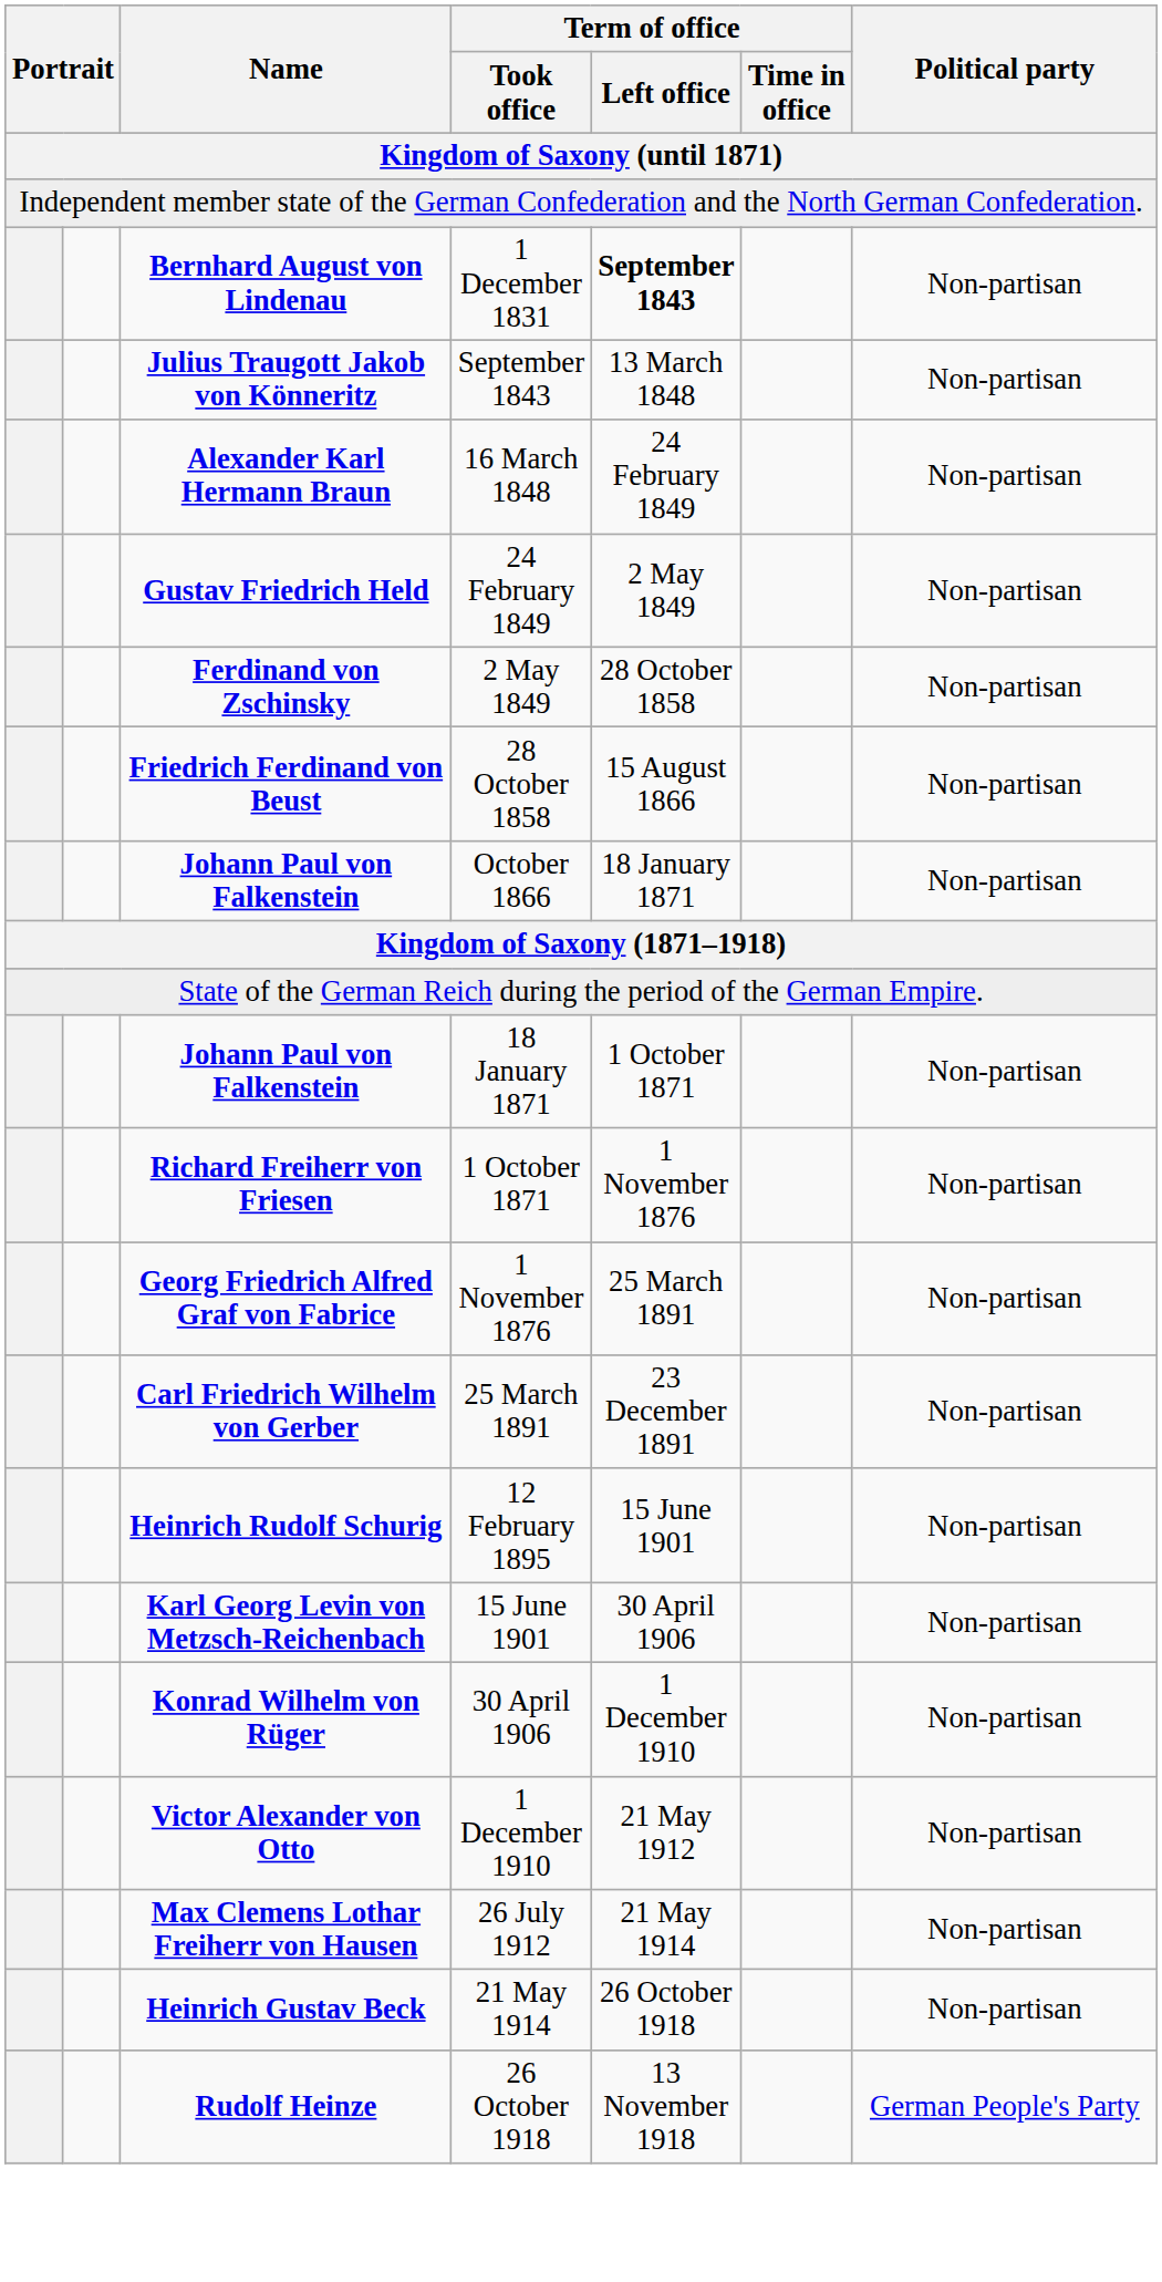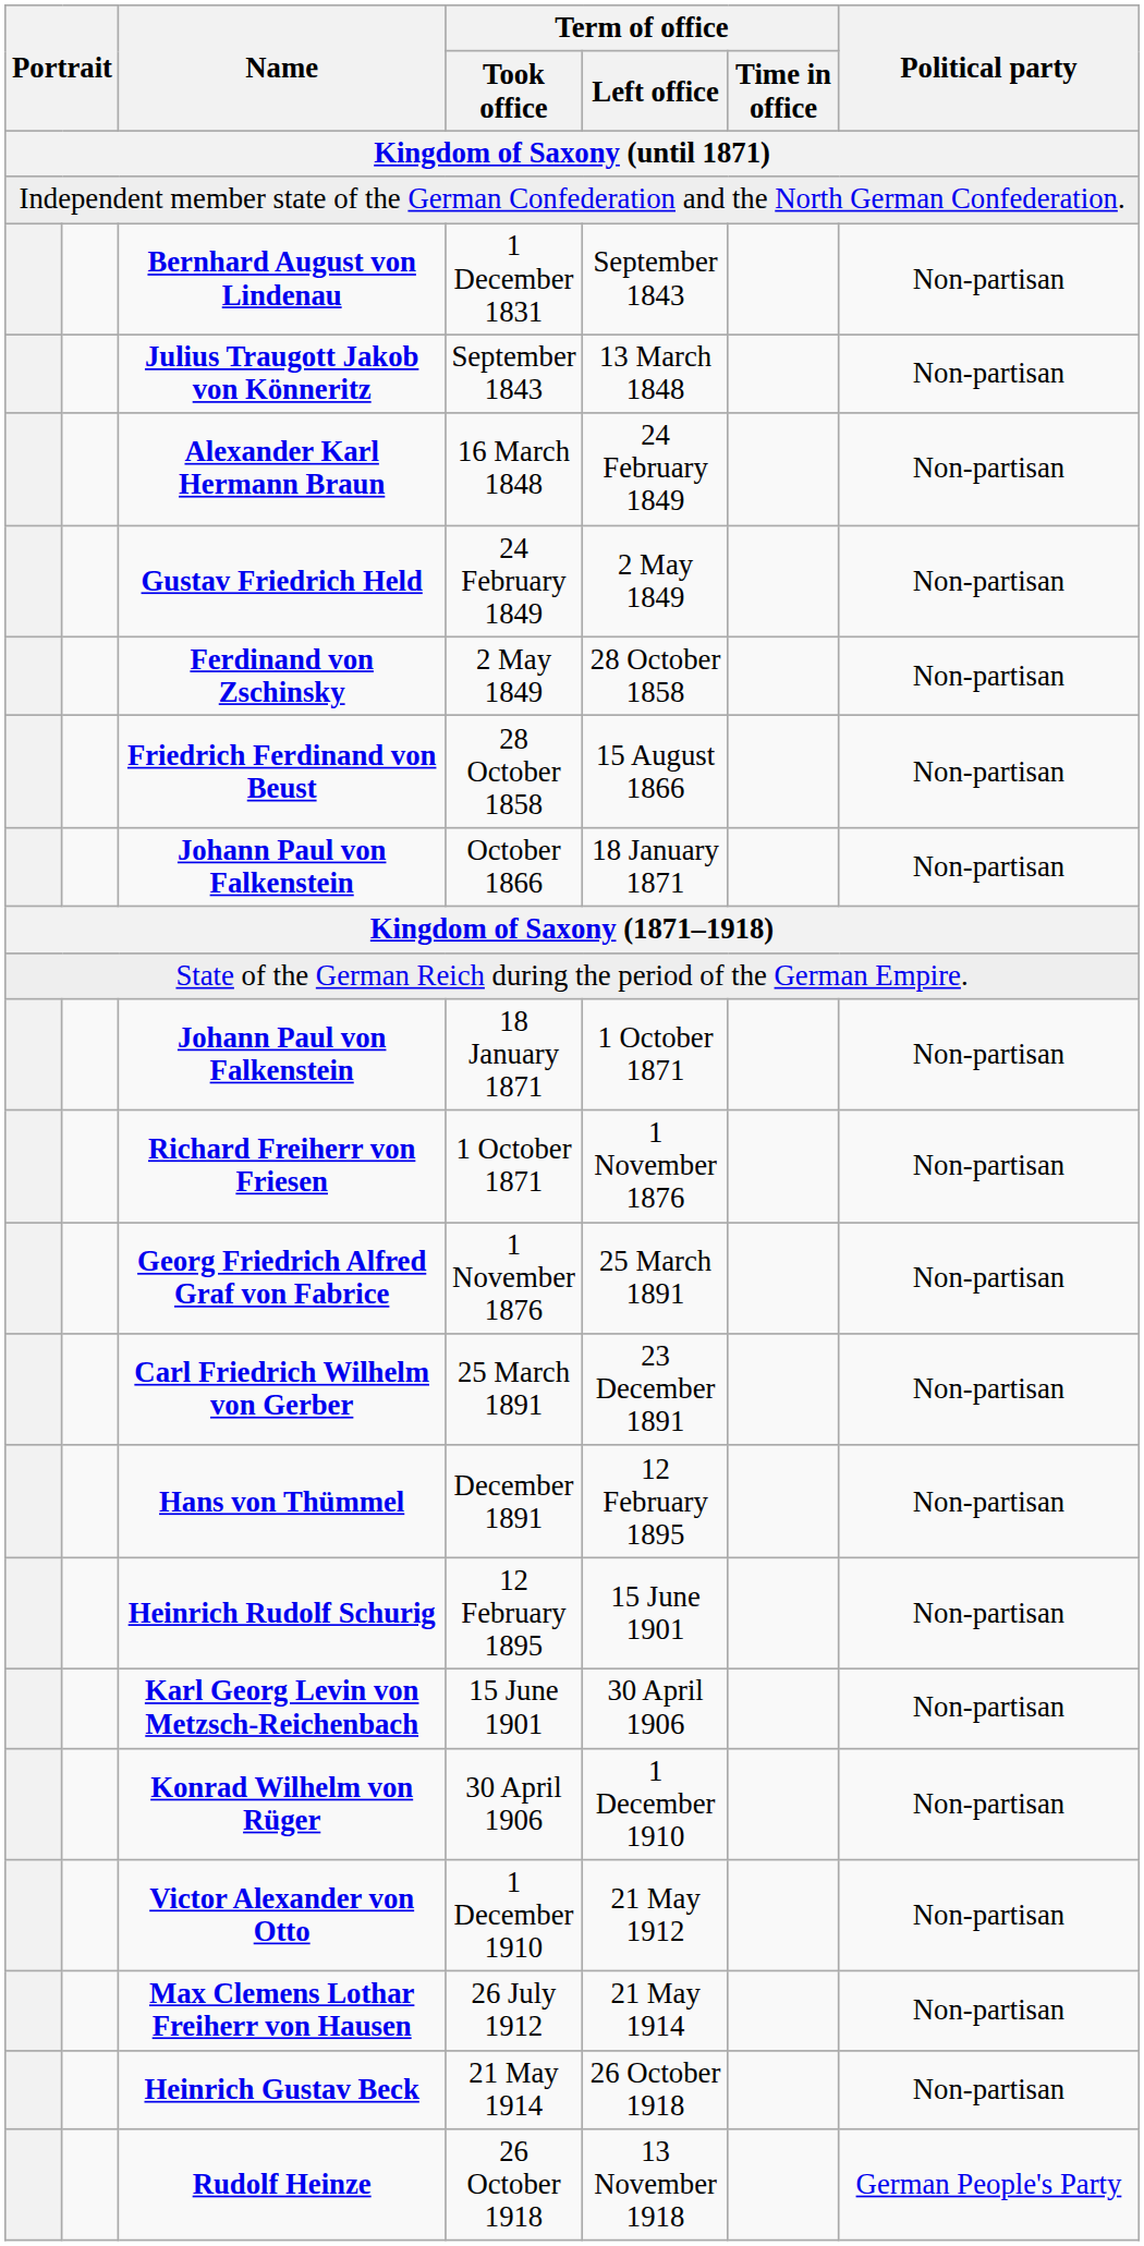 <table class="wikitable" style="text-align:center; width:100%; border:1px #AAAAFF solid">
 <tr>
 <th width=80px rowspan=2 colspan=2>Portrait</th>
 <th width=30% rowspan=2>Name<br></th>
 <th width=35% colspan=3>Term of office</th>
 <th width=28% rowspan=2>Political party</th>
 </tr>
 <tr>
 <th>Took office</th>
 <th>Left office</th>
 <th>Time in office</th>
 </tr>
 <tr>
 <th colspan="7"><a href='#'>Kingdom of Saxony</a> (until 1871)</th>
 </tr>
 <tr>
 <td bgcolor=#EEEEEE colspan=7>Independent member state of the <a href='#'>German Confederation</a> and the <a href='#'>North German Confederation</a>.</td>
 </tr>
 <tr>
 <th style="background:"></th>
 <td></td>
 <td><strong><a href='#'>Bernhard August von Lindenau</a></strong><br></td>
 <td>1 December 1831</td>
-<td><strong>September 1843</strong></td>
+<td>September 1843</td>
 <td></td>
 <td>Non-partisan</td>
 </tr>
 <tr>
 <th style="background:"></th>
 <td></td>
 <td><strong><a href='#'>Julius Traugott Jakob von Könneritz</a></strong><br></td>
 <td>September 1843</td>
 <td>13 March 1848</td>
 <td></td>
 <td>Non-partisan</td>
 </tr>
 <tr>
 <th style="background:"></th>
 <td></td>
 <td><strong><a href='#'>Alexander Karl Hermann Braun</a></strong><br></td>
 <td>16 March 1848</td>
 <td>24 February 1849</td>
 <td></td>
 <td>Non-partisan</td>
 </tr>
 <tr>
 <th style="background:"></th>
 <td></td>
 <td><strong><a href='#'>Gustav Friedrich Held</a></strong><br></td>
 <td>24 February 1849</td>
 <td>2 May 1849</td>
 <td></td>
 <td>Non-partisan</td>
 </tr>
 <tr>
 <th style="background:"></th>
 <td></td>
 <td><strong><a href='#'>Ferdinand von Zschinsky</a></strong><br></td>
 <td>2 May 1849</td>
 <td>28 October 1858</td>
 <td></td>
 <td>Non-partisan</td>
 </tr>
 <tr>
 <th style="background:"></th>
 <td></td>
 <td><strong><a href='#'>Friedrich Ferdinand von Beust</a></strong><br></td>
 <td>28 October 1858</td>
 <td>15 August 1866</td>
 <td></td>
 <td>Non-partisan</td>
 </tr>
 <tr>
 <th style="background:"></th>
 <td></td>
 <td><strong><a href='#'>Johann Paul von Falkenstein</a></strong><br></td>
 <td>October 1866</td>
 <td>18 January 1871</td>
 <td></td>
 <td>Non-partisan</td>
 </tr>
 <tr>
 <th colspan="7"><a href='#'>Kingdom of Saxony</a> (1871–1918)</th>
 </tr>
 <tr>
 <td bgcolor=#EEEEEE colspan=7><a href='#'>State</a> of the <a href='#'>German Reich</a> during the period of the <a href='#'>German Empire</a>.</td>
 </tr>
 <tr>
 <th style="background:"></th>
 <td></td>
 <td><strong><a href='#'>Johann Paul von Falkenstein</a></strong><br></td>
 <td>18 January 1871</td>
 <td>1 October 1871</td>
 <td></td>
 <td>Non-partisan</td>
 </tr>
 <tr>
 <th style="background:"></th>
 <td></td>
 <td><strong><a href='#'>Richard Freiherr von Friesen</a></strong><br></td>
 <td>1 October 1871</td>
 <td>1 November 1876</td>
 <td></td>
 <td>Non-partisan</td>
 </tr>
 <tr>
 <th style="background:"></th>
 <td></td>
 <td><strong><a href='#'>Georg Friedrich Alfred Graf von Fabrice</a></strong><br></td>
 <td>1 November 1876</td>
 <td>25 March 1891</td>
 <td></td>
 <td>Non-partisan</td>
 </tr>
 <tr>
 <th style="background:"></th>
 <td></td>
 <td><strong><a href='#'>Carl Friedrich Wilhelm von Gerber</a></strong><br></td>
 <td>25 March 1891</td>
 <td>23 December 1891</td>
 <td></td>
 <td>Non-partisan</td>
 </tr>
 <tr>
 <th style="background:"></th>
 <td></td>
+<td><strong><a href='#'>Hans von Thümmel</a></strong><br></td>
+<td>December 1891</td>
+<td>12 February 1895</td>
+<td></td>
+<td>Non-partisan</td>
+</tr>
+<tr>
+<th style="background:"></th>
+<td></td>
 <td><strong><a href='#'>Heinrich Rudolf Schurig</a></strong><br></td>
 <td>12 February 1895</td>
 <td>15 June 1901</td>
 <td></td>
 <td>Non-partisan</td>
 </tr>
 <tr>
 <th style="background:"></th>
 <td></td>
 <td><strong><a href='#'>Karl Georg Levin von Metzsch-Reichenbach</a></strong><br></td>
 <td>15 June 1901</td>
 <td>30 April 1906</td>
 <td></td>
 <td>Non-partisan</td>
 </tr>
 <tr>
 <th style="background:"></th>
 <td></td>
 <td><strong><a href='#'>Konrad Wilhelm von Rüger</a></strong><br></td>
 <td>30 April 1906</td>
 <td>1 December 1910</td>
 <td></td>
 <td>Non-partisan</td>
 </tr>
 <tr>
 <th style="background:"></th>
 <td></td>
 <td><strong><a href='#'>Victor Alexander von Otto</a></strong><br></td>
 <td>1 December 1910</td>
 <td>21 May 1912</td>
 <td></td>
 <td>Non-partisan</td>
 </tr>
 <tr>
 <th style="background:"></th>
 <td></td>
 <td><strong><a href='#'>Max Clemens Lothar Freiherr von Hausen</a></strong><br></td>
 <td>26 July 1912</td>
 <td>21 May 1914</td>
 <td></td>
 <td>Non-partisan</td>
 </tr>
 <tr>
 <th style="background:"></th>
 <td></td>
 <td><strong><a href='#'>Heinrich Gustav Beck</a></strong><br></td>
 <td>21 May 1914</td>
 <td>26 October 1918</td>
 <td></td>
 <td>Non-partisan</td>
 </tr>
 <tr>
 <th style="background:"></th>
 <td></td>
 <td><strong><a href='#'>Rudolf Heinze</a></strong><br></td>
 <td>26 October 1918</td>
 <td>13 November 1918</td>
 <td></td>
 <td><a href='#'>German People's Party</a></td>
 </tr>
 </table>
